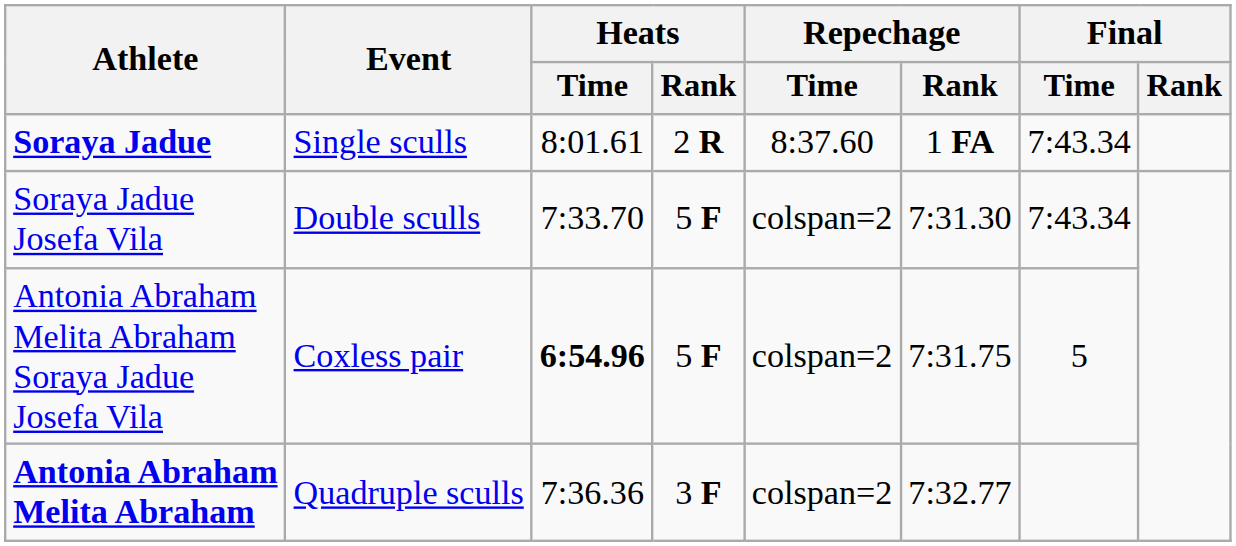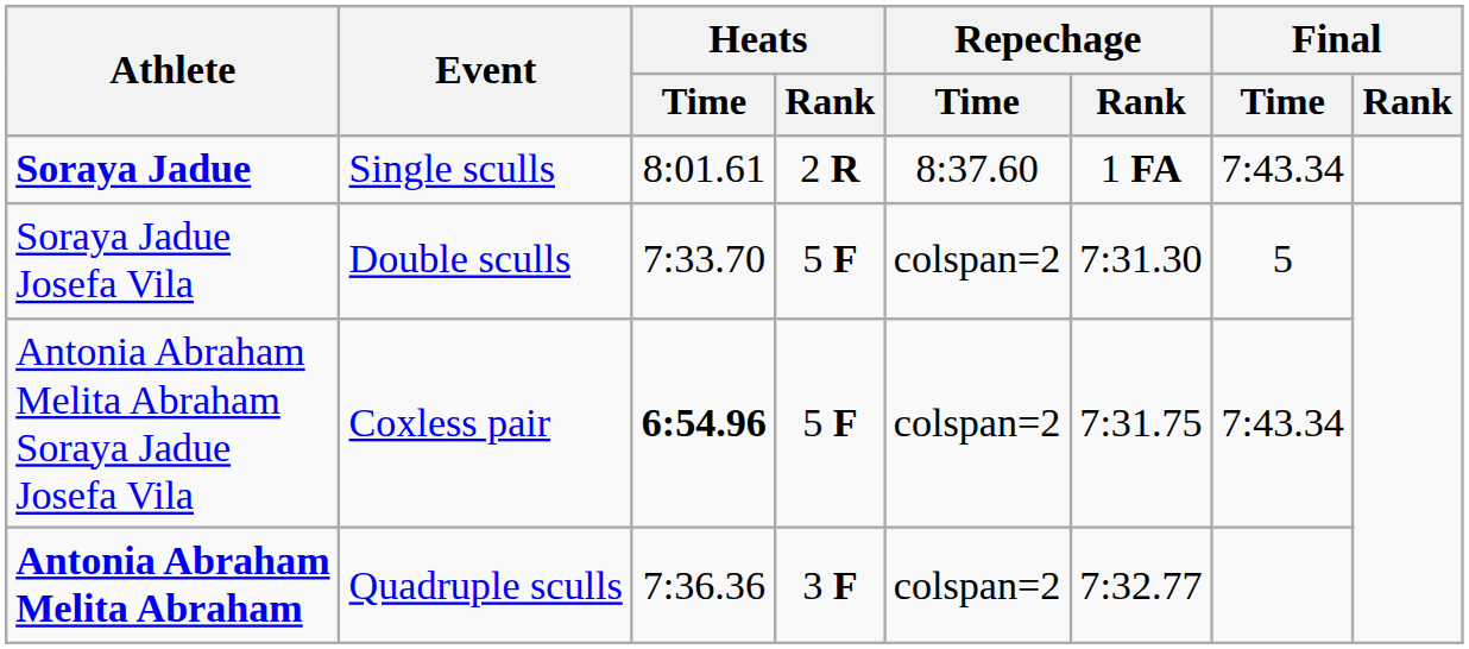 <table class="wikitable" style="font-size:90%">
 <tr>
 <th rowspan=2>Athlete</th>
 <th rowspan=2>Event</th>
 <th colspan="2">Heats</th>
 <th colspan="2">Repechage</th>
 <th colspan="2">Final</th>
 </tr>
 <tr style="font-size:95%">
 <th>Time</th>
 <th>Rank</th>
 <th>Time</th>
 <th>Rank</th>
 <th>Time</th>
 <th>Rank</th>
 </tr>
 <tr align=center>
 <td align=left><strong><a href='#'>Soraya Jadue</a></strong></td>
 <td align=left><a href='#'>Single sculls</a></td>
 <td>8:01.61</td>
 <td>2 <strong>R</strong></td>
 <td>8:37.60</td>
 <td>1 <strong>FA</strong></td>
 <td>7:43.34</td>
 <td></td>
 </tr>
 <tr align=center>
 <td align=left><a href='#'>Soraya Jadue</a><br><a href='#'>Josefa Vila</a></td>
 <td align=left><a href='#'>Double sculls</a></td>
 <td>7:33.70</td>
 <td>5 <strong>F</strong></td>
 <td>colspan=2 </td>
 <td>7:31.30</td>
-<td>7:43.34</td>
+<td>5</td>
 </tr>
 <tr align=center>
 <td align=left><a href='#'>Antonia Abraham</a><br><a href='#'>Melita Abraham</a><br><a href='#'>Soraya Jadue</a><br><a href='#'>Josefa Vila</a></td>
 <td align=left><a href='#'>Coxless pair</a></td>
 <td><strong>6:54.96</strong></td>
 <td>5 <strong>F</strong></td>
 <td>colspan=2 </td>
 <td>7:31.75</td>
-<td>5</td>
+<td>7:43.34</td>
 </tr>
 <tr align=center>
 <td align=left><strong><a href='#'>Antonia Abraham</a><br><a href='#'>Melita Abraham</a></strong></td>
 <td align=left><a href='#'>Quadruple sculls</a></td>
 <td>7:36.36</td>
 <td>3 <strong>F</strong></td>
 <td>colspan=2 </td>
 <td>7:32.77</td>
 <td></td>
 </tr>
 </table>
